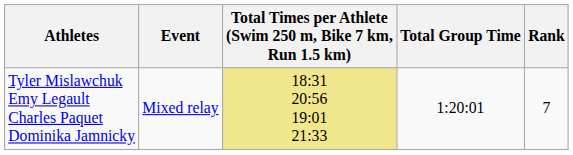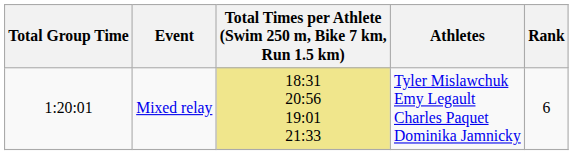 <table class="wikitable" border="1" style="font-size:90%">
 <tr>
-<th>Athletes</th>
+<th>Total Group Time</th>
 <th>Event</th>
 <th>Total Times per Athlete <br> (Swim 250 m, Bike 7 km, <br> Run 1.5 km)</th>
-<th>Total Group Time</th>
+<th>Athletes</th>
 <th>Rank</th>
 </tr>
 <tr align=center>
-<td align=left><a href='#'>Tyler Mislawchuk</a><br><a href='#'>Emy Legault</a><br><a href='#'>Charles Paquet</a><br><a href='#'>Dominika Jamnicky</a></td>
+<td>1:20:01</td>
 <td align=left><a href='#'>Mixed relay</a></td>
 <td style="background: khaki;">18:31<br>20:56<br>19:01<br>21:33</td>
-<td>1:20:01</td>
-<td>7</td>
+<td align=left><a href='#'>Tyler Mislawchuk</a><br><a href='#'>Emy Legault</a><br><a href='#'>Charles Paquet</a><br><a href='#'>Dominika Jamnicky</a></td>
+<td>6</td>
 </tr>
 </table>
